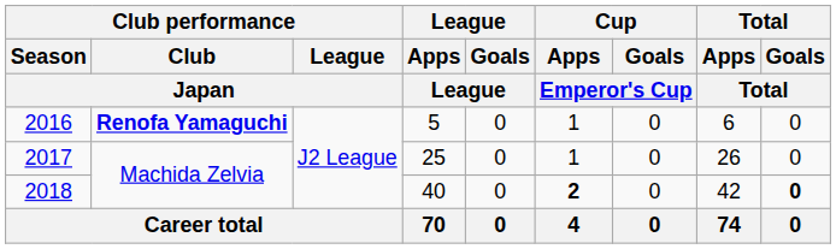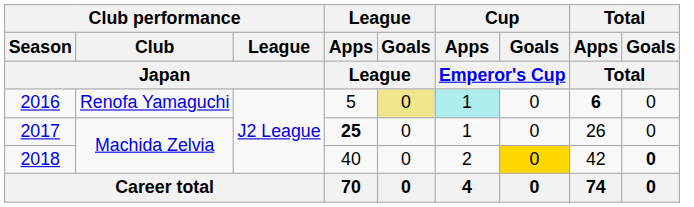 <table class="wikitable" style="text-align:center">
 <tr>
 <th colspan=3>Club performance</th>
 <th colspan=2>League</th>
 <th colspan=2>Cup</th>
 <th colspan=2>Total</th>
 </tr>
 <tr>
 <th>Season</th>
 <th>Club</th>
 <th>League</th>
 <th>Apps</th>
 <th>Goals</th>
 <th>Apps</th>
 <th>Goals</th>
 <th>Apps</th>
 <th>Goals</th>
 </tr>
 <tr>
 <th colspan=3>Japan</th>
 <th colspan=2>League</th>
 <th colspan=2><a href='#'>Emperor's Cup</a></th>
 <th colspan=2>Total</th>
 </tr>
 <tr>
 <td><a href='#'>2016</a></td>
-<td><strong><a href='#'>Renofa Yamaguchi</a></strong></td>
+<td><a href='#'>Renofa Yamaguchi</a></td>
 <td rowspan="3"><a href='#'>J2 League</a></td>
 <td>5</td>
+<td style="background: khaki;">0</td>
+<td style="background: paleturquoise;">1</td>
 <td>0</td>
-<td>1</td>
-<td>0</td>
-<td>6</td>
+<td><strong>6</strong></td>
 <td>0</td>
 </tr>
 <tr>
 <td><a href='#'>2017</a></td>
 <td rowspan="2"><a href='#'>Machida Zelvia</a></td>
-<td>25</td>
+<td><strong>25</strong></td>
 <td>0</td>
 <td>1</td>
 <td>0</td>
 <td>26</td>
 <td>0</td>
 </tr>
 <tr>
 <td><a href='#'>2018</a></td>
 <td>40</td>
 <td>0</td>
-<td><strong>2</strong></td>
-<td>0</td>
+<td>2</td>
+<td style="background: gold;">0</td>
 <td>42</td>
 <td><strong>0</strong></td>
 </tr>
 <tr>
 <th colspan=3>Career total</th>
 <th>70</th>
 <th>0</th>
 <th>4</th>
 <th>0</th>
 <th>74</th>
 <th>0</th>
 </tr>
 </table>
